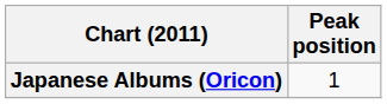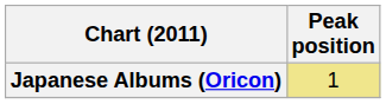 <table class="wikitable plainrowheaders">
 <tr>
 <th>Chart (2011)</th>
 <th>Peak<br>position</th>
 </tr>
 <tr>
 <th scope="row">Japanese Albums (<a href='#'>Oricon</a>)</th>
-<td style="text-align:center;">1</td>
+<td style="background: khaki; text-align:center;">1</td>
 </tr>
 <tr>
 </tr>
 </table>
